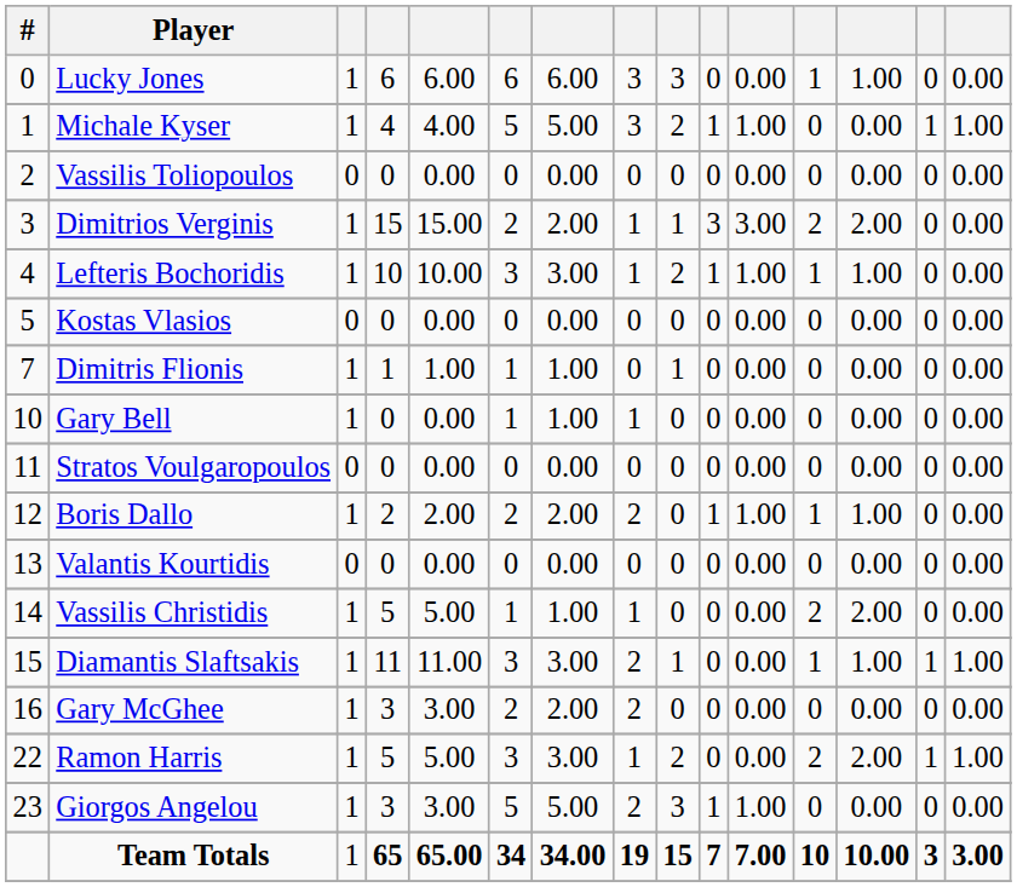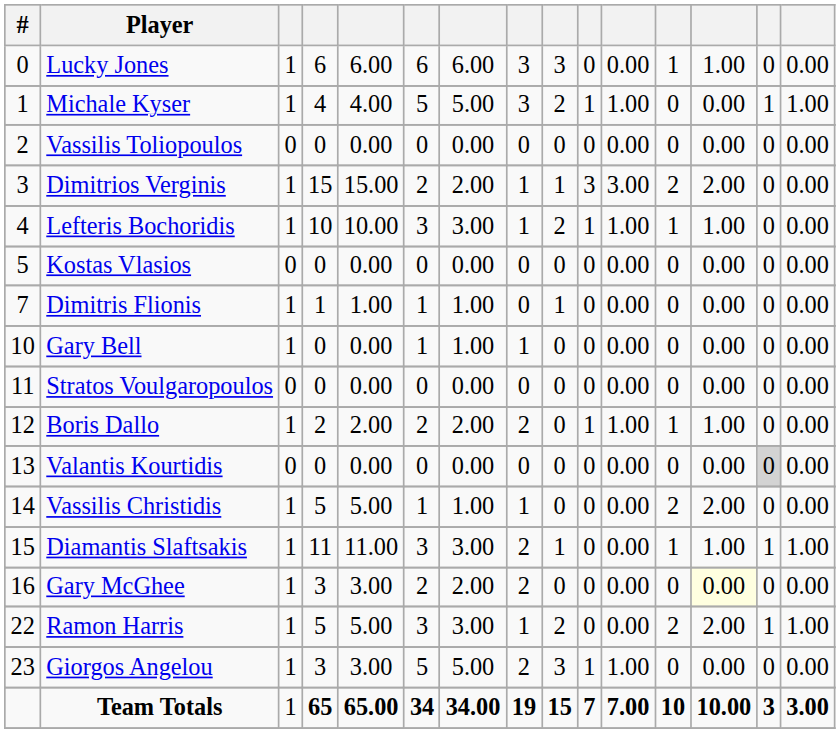 <table class="wikitable sortable" style="font-size:90%; text-align:center;">
 <tr>
 <th>#</th>
 <th>Player</th>
 <th></th>
 <th></th>
 <th></th>
 <th></th>
 <th></th>
 <th></th>
 <th></th>
 <th></th>
 <th></th>
 <th></th>
 <th></th>
 <th></th>
 <th></th>
 </tr>
 <tr>
 <td>0</td>
 <td align="left"> <a href='#'>Lucky Jones</a></td>
 <td>1</td>
 <td>6</td>
 <td>6.00</td>
 <td>6</td>
 <td>6.00</td>
 <td>3</td>
 <td>3</td>
 <td>0</td>
 <td>0.00</td>
 <td>1</td>
 <td>1.00</td>
 <td>0</td>
 <td>0.00</td>
 </tr>
 <tr>
 </tr>
 <tr>
 <td>1</td>
 <td align="left"> <a href='#'>Michale Kyser</a></td>
 <td>1</td>
 <td>4</td>
 <td>4.00</td>
 <td>5</td>
 <td>5.00</td>
 <td>3</td>
 <td>2</td>
 <td>1</td>
 <td>1.00</td>
 <td>0</td>
 <td>0.00</td>
 <td>1</td>
 <td>1.00</td>
 </tr>
 <tr>
 </tr>
 <tr>
 <td>2</td>
 <td align="left"> <a href='#'>Vassilis Toliopoulos</a></td>
 <td>0</td>
 <td>0</td>
 <td>0.00</td>
 <td>0</td>
 <td>0.00</td>
 <td>0</td>
 <td>0</td>
 <td>0</td>
 <td>0.00</td>
 <td>0</td>
 <td>0.00</td>
 <td>0</td>
 <td>0.00</td>
 </tr>
 <tr>
 </tr>
 <tr>
 <td>3</td>
 <td align="left"> <a href='#'>Dimitrios Verginis</a></td>
 <td>1</td>
 <td>15</td>
 <td>15.00</td>
 <td>2</td>
 <td>2.00</td>
 <td>1</td>
 <td>1</td>
 <td>3</td>
 <td>3.00</td>
 <td>2</td>
 <td>2.00</td>
 <td>0</td>
 <td>0.00</td>
 </tr>
 <tr>
 </tr>
 <tr>
 <td>4</td>
 <td align="left"> <a href='#'>Lefteris Bochoridis</a></td>
 <td>1</td>
 <td>10</td>
 <td>10.00</td>
 <td>3</td>
 <td>3.00</td>
 <td>1</td>
 <td>2</td>
 <td>1</td>
 <td>1.00</td>
 <td>1</td>
 <td>1.00</td>
 <td>0</td>
 <td>0.00</td>
 </tr>
 <tr>
 </tr>
 <tr>
 <td>5</td>
 <td align="left"> <a href='#'>Kostas Vlasios</a></td>
 <td>0</td>
 <td>0</td>
 <td>0.00</td>
 <td>0</td>
 <td>0.00</td>
 <td>0</td>
 <td>0</td>
 <td>0</td>
 <td>0.00</td>
 <td>0</td>
 <td>0.00</td>
 <td>0</td>
 <td>0.00</td>
 </tr>
 <tr>
 </tr>
 <tr>
 <td>7</td>
 <td align="left"> <a href='#'>Dimitris Flionis</a></td>
 <td>1</td>
 <td>1</td>
 <td>1.00</td>
 <td>1</td>
 <td>1.00</td>
 <td>0</td>
 <td>1</td>
 <td>0</td>
 <td>0.00</td>
 <td>0</td>
 <td>0.00</td>
 <td>0</td>
 <td>0.00</td>
 </tr>
 <tr>
 </tr>
 <tr>
 <td>10</td>
 <td align="left"> <a href='#'>Gary Bell</a></td>
 <td>1</td>
 <td>0</td>
 <td>0.00</td>
 <td>1</td>
 <td>1.00</td>
 <td>1</td>
 <td>0</td>
 <td>0</td>
 <td>0.00</td>
 <td>0</td>
 <td>0.00</td>
 <td>0</td>
 <td>0.00</td>
 </tr>
 <tr>
 </tr>
 <tr>
 <td>11</td>
 <td align="left"> <a href='#'>Stratos Voulgaropoulos</a></td>
 <td>0</td>
 <td>0</td>
 <td>0.00</td>
 <td>0</td>
 <td>0.00</td>
 <td>0</td>
 <td>0</td>
 <td>0</td>
 <td>0.00</td>
 <td>0</td>
 <td>0.00</td>
 <td>0</td>
 <td>0.00</td>
 </tr>
 <tr>
 </tr>
 <tr>
 <td>12</td>
 <td align="left"> <a href='#'>Boris Dallo</a></td>
 <td>1</td>
 <td>2</td>
 <td>2.00</td>
 <td>2</td>
 <td>2.00</td>
 <td>2</td>
 <td>0</td>
 <td>1</td>
 <td>1.00</td>
 <td>1</td>
 <td>1.00</td>
 <td>0</td>
 <td>0.00</td>
 </tr>
 <tr>
 </tr>
 <tr>
 <td>13</td>
 <td align="left"> <a href='#'>Valantis Kourtidis</a></td>
 <td>0</td>
 <td>0</td>
 <td>0.00</td>
 <td>0</td>
 <td>0.00</td>
 <td>0</td>
 <td>0</td>
 <td>0</td>
 <td>0.00</td>
 <td>0</td>
 <td>0.00</td>
-<td>0</td>
+<td style="background: lightgrey;">0</td>
 <td>0.00</td>
 </tr>
 <tr>
 </tr>
 <tr>
 <td>14</td>
 <td align="left"> <a href='#'>Vassilis Christidis</a></td>
 <td>1</td>
 <td>5</td>
 <td>5.00</td>
 <td>1</td>
 <td>1.00</td>
 <td>1</td>
 <td>0</td>
 <td>0</td>
 <td>0.00</td>
 <td>2</td>
 <td>2.00</td>
 <td>0</td>
 <td>0.00</td>
 </tr>
 <tr>
 </tr>
 <tr>
 <td>15</td>
 <td align="left"> <a href='#'>Diamantis Slaftsakis</a></td>
 <td>1</td>
 <td>11</td>
 <td>11.00</td>
 <td>3</td>
 <td>3.00</td>
 <td>2</td>
 <td>1</td>
 <td>0</td>
 <td>0.00</td>
 <td>1</td>
 <td>1.00</td>
 <td>1</td>
 <td>1.00</td>
 </tr>
 <tr>
 </tr>
 <tr>
 <td>16</td>
 <td align="left"> <a href='#'>Gary McGhee</a></td>
 <td>1</td>
 <td>3</td>
 <td>3.00</td>
 <td>2</td>
 <td>2.00</td>
 <td>2</td>
 <td>0</td>
 <td>0</td>
 <td>0.00</td>
 <td>0</td>
-<td>0.00</td>
+<td style="background: lightyellow;">0.00</td>
 <td>0</td>
 <td>0.00</td>
 </tr>
 <tr>
 </tr>
 <tr>
 <td>22</td>
 <td align="left"> <a href='#'>Ramon Harris</a></td>
 <td>1</td>
 <td>5</td>
 <td>5.00</td>
 <td>3</td>
 <td>3.00</td>
 <td>1</td>
 <td>2</td>
 <td>0</td>
 <td>0.00</td>
 <td>2</td>
 <td>2.00</td>
 <td>1</td>
 <td>1.00</td>
 </tr>
 <tr>
 </tr>
 <tr>
 <td>23</td>
 <td align="left"> <a href='#'>Giorgos Angelou</a></td>
 <td>1</td>
 <td>3</td>
 <td>3.00</td>
 <td>5</td>
 <td>5.00</td>
 <td>2</td>
 <td>3</td>
 <td>1</td>
 <td>1.00</td>
 <td>0</td>
 <td>0.00</td>
 <td>0</td>
 <td>0.00</td>
 </tr>
 <tr>
 </tr>
 <tr>
 <td></td>
 <td><strong>Team Totals</strong></td>
 <td>1</td>
 <td><strong>65</strong></td>
 <td><strong>65.00</strong></td>
 <td><strong>34</strong></td>
 <td><strong>34.00</strong></td>
 <td><strong>19</strong></td>
 <td><strong>15</strong></td>
 <td><strong>7</strong></td>
 <td><strong>7.00</strong></td>
 <td><strong>10</strong></td>
 <td><strong>10.00</strong></td>
 <td><strong>3</strong></td>
 <td><strong>3.00</strong></td>
 </tr>
 <tr>
 </tr>
 </table>
